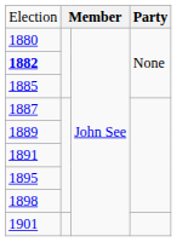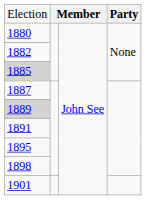 <table class="wikitable">
 <tr>
 <td>Election</td>
 <th colspan="2">Member</th>
 <th>Party</th>
 </tr>
 <tr>
 <td><a href='#'>1880</a></td>
 <td rowspan="3" > </td>
 <td rowspan="9"><a href='#'>John See</a></td>
 <td rowspan="3">None</td>
 </tr>
 <tr>
-<td><strong><a href='#'>1882</a></strong></td>
+<td><a href='#'>1882</a></td>
 </tr>
 <tr>
-<td><a href='#'>1885</a></td>
+<td style="background: lightgrey;"><a href='#'>1885</a></td>
 </tr>
 <tr>
 <td><a href='#'>1887</a></td>
 <td rowspan="5" > </td>
 <td rowspan="5"></td>
 </tr>
 <tr>
-<td><a href='#'>1889</a></td>
+<td style="background: lightgrey;"><a href='#'>1889</a></td>
 </tr>
 <tr>
 <td><a href='#'>1891</a></td>
 </tr>
 <tr>
 <td><a href='#'>1895</a></td>
 </tr>
 <tr>
 <td><a href='#'>1898</a></td>
 </tr>
 <tr>
 <td><a href='#'>1901</a></td>
 <td> </td>
 <td></td>
 </tr>
 </table>
